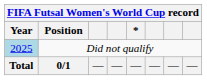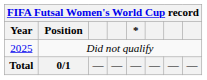 <table class="wikitable" style="text-align: center;">
 <tr>
 <th colspan="8"><a href='#'>FIFA Futsal Women's World Cup</a> record</th>
 </tr>
 <tr>
 <th>Year</th>
 <th>Position</th>
 <th></th>
 <th></th>
 <th>*</th>
 <th></th>
 <th></th>
 <th></th>
 </tr>
 <tr>
-<td style="background: lightblue;"> <a href='#'>2025</a></td>
+<td> <a href='#'>2025</a></td>
 <td colspan="7"><em>Did not qualify</em></td>
 </tr>
 <tr>
 <th>Total</th>
 <th>0/1</th>
 <th>—</th>
 <th>—</th>
 <th>—</th>
 <th>—</th>
 <th>—</th>
 <th>—</th>
 </tr>
 </table>
